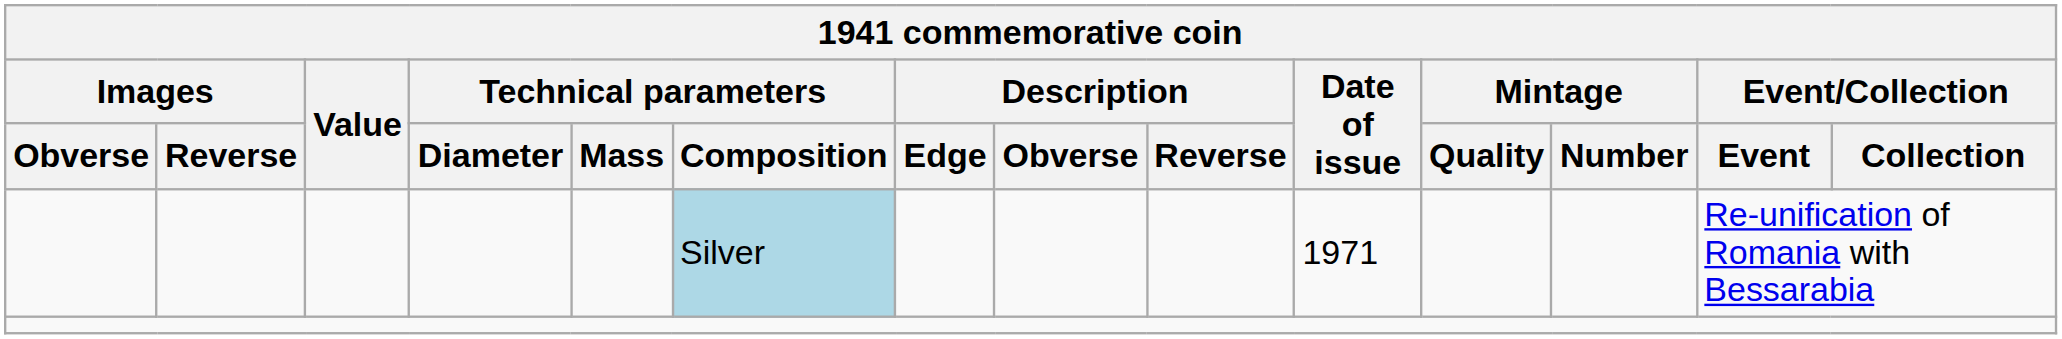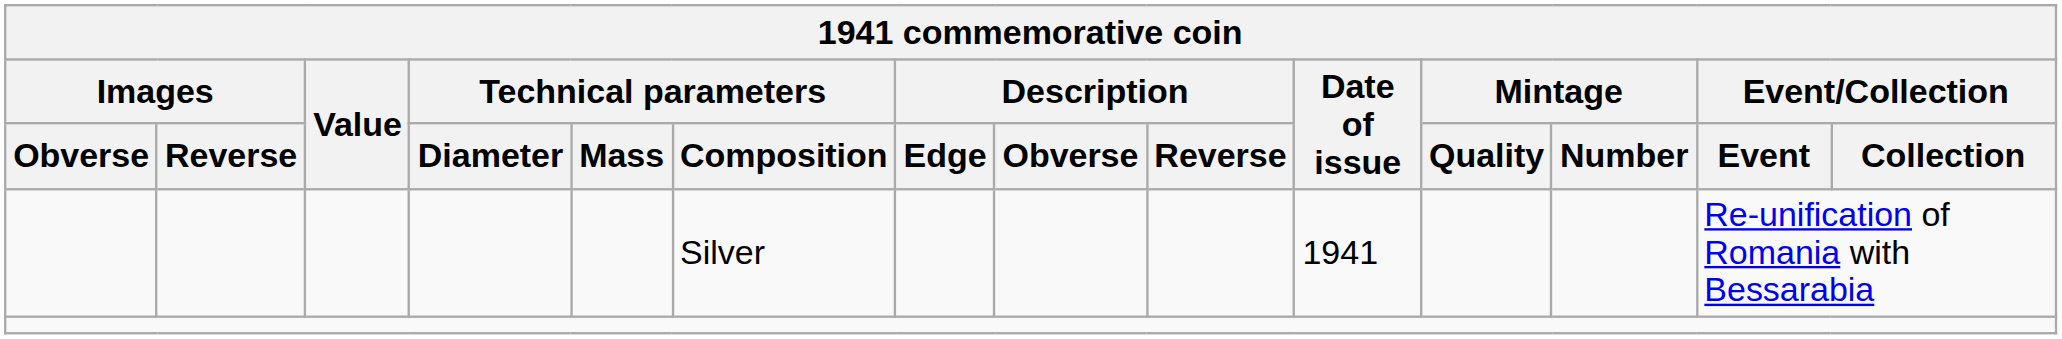 <table class="wikitable" style="font-size: 90%">
 <tr>
 <th colspan="14">1941 commemorative coin</th>
 </tr>
 <tr>
 <th colspan=2>Images</th>
 <th rowspan=2>Value</th>
 <th colspan=3>Technical parameters</th>
 <th colspan=3>Description</th>
 <th rowspan=2>Date of issue</th>
 <th colspan=2>Mintage</th>
 <th colspan=2>Event/Collection</th>
 </tr>
 <tr>
 <th>Obverse</th>
 <th>Reverse</th>
 <th>Diameter</th>
 <th>Mass</th>
 <th>Composition</th>
 <th>Edge</th>
 <th>Obverse</th>
 <th>Reverse</th>
 <th>Quality</th>
 <th>Number</th>
 <th>Event</th>
 <th>Collection</th>
 </tr>
 <tr>
 <td></td>
 <td></td>
 <td align = right></td>
 <td align = right></td>
 <td align = right></td>
-<td style="background: lightblue;">Silver</td>
+<td>Silver</td>
 <td></td>
 <td></td>
 <td></td>
-<td>1971</td>
+<td>1941</td>
 <td></td>
 <td align = right></td>
 <td colspan=2><a href='#'>Re-unification</a> of <a href='#'>Romania</a> with <a href='#'>Bessarabia</a></td>
 </tr>
 <tr>
 <td colspan="14"></td>
 </tr>
 </table>
